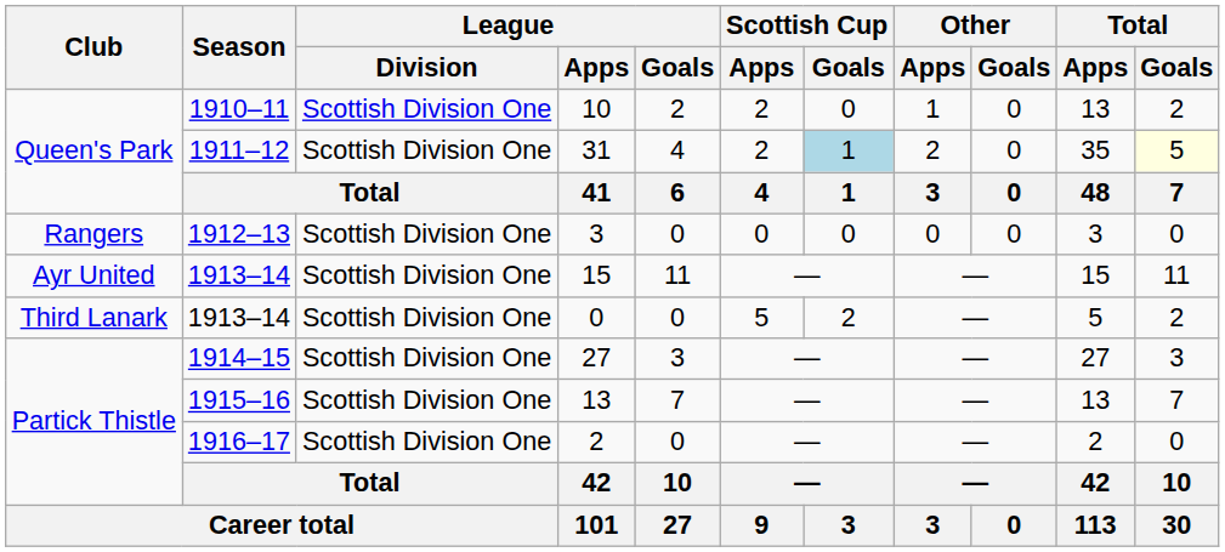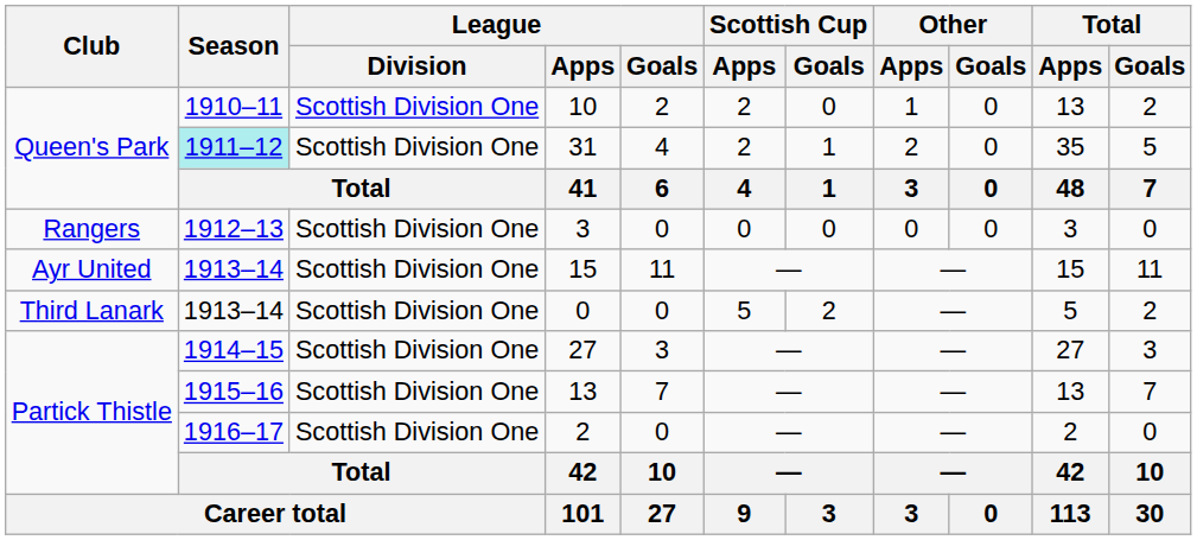 <table class="wikitable" style="text-align: center;">
 <tr>
 <th rowspan="2">Club</th>
 <th rowspan="2">Season</th>
 <th colspan="3">League</th>
 <th colspan="2">Scottish Cup</th>
 <th colspan="2">Other</th>
 <th colspan="2">Total</th>
 </tr>
 <tr>
 <th>Division</th>
 <th>Apps</th>
 <th>Goals</th>
 <th>Apps</th>
 <th>Goals</th>
 <th>Apps</th>
 <th>Goals</th>
 <th>Apps</th>
 <th>Goals</th>
 </tr>
 <tr>
 <td rowspan="3"><a href='#'>Queen's Park</a></td>
 <td><a href='#'>1910–11</a></td>
 <td><a href='#'>Scottish Division One</a></td>
 <td>10</td>
 <td>2</td>
 <td>2</td>
 <td>0</td>
 <td>1</td>
 <td>0</td>
 <td>13</td>
 <td>2</td>
 </tr>
 <tr>
-<td><a href='#'>1911–12</a></td>
+<td style="background: paleturquoise;"><a href='#'>1911–12</a></td>
 <td>Scottish Division One</td>
 <td>31</td>
 <td>4</td>
 <td>2</td>
-<td style="background: lightblue;">1</td>
+<td>1</td>
 <td>2</td>
 <td>0</td>
 <td>35</td>
-<td style="background: lightyellow;">5</td>
+<td>5</td>
 </tr>
 <tr>
 <th colspan="2">Total</th>
 <th>41</th>
 <th>6</th>
 <th>4</th>
 <th>1</th>
 <th>3</th>
 <th>0</th>
 <th>48</th>
 <th>7</th>
 </tr>
 <tr>
 <td><a href='#'>Rangers</a></td>
 <td><a href='#'>1912–13</a></td>
 <td>Scottish Division One</td>
 <td>3</td>
 <td>0</td>
 <td>0</td>
 <td>0</td>
 <td>0</td>
 <td>0</td>
 <td>3</td>
 <td>0</td>
 </tr>
 <tr>
 <td><a href='#'>Ayr United</a></td>
 <td><a href='#'>1913–14</a></td>
 <td>Scottish Division One</td>
 <td>15</td>
 <td>11</td>
 <td colspan="2">—</td>
 <td colspan="2">—</td>
 <td>15</td>
 <td>11</td>
 </tr>
 <tr>
 <td><a href='#'>Third Lanark</a></td>
 <td>1913–14</td>
 <td>Scottish Division One</td>
 <td>0</td>
 <td>0</td>
 <td>5</td>
 <td>2</td>
 <td colspan="2">—</td>
 <td>5</td>
 <td>2</td>
 </tr>
 <tr>
 <td rowspan="4"><a href='#'>Partick Thistle</a></td>
 <td><a href='#'>1914–15</a></td>
 <td>Scottish Division One</td>
 <td>27</td>
 <td>3</td>
 <td colspan="2">—</td>
 <td colspan="2">—</td>
 <td>27</td>
 <td>3</td>
 </tr>
 <tr>
 <td><a href='#'>1915–16</a></td>
 <td>Scottish Division One</td>
 <td>13</td>
 <td>7</td>
 <td colspan="2">—</td>
 <td colspan="2">—</td>
 <td>13</td>
 <td>7</td>
 </tr>
 <tr>
 <td><a href='#'>1916–17</a></td>
 <td>Scottish Division One</td>
 <td>2</td>
 <td>0</td>
 <td colspan="2">—</td>
 <td colspan="2">—</td>
 <td>2</td>
 <td>0</td>
 </tr>
 <tr>
 <th colspan="2">Total</th>
 <th>42</th>
 <th>10</th>
 <th colspan="2">—</th>
 <th colspan="2">—</th>
 <th>42</th>
 <th>10</th>
 </tr>
 <tr>
 <th colspan="3">Career total</th>
 <th>101</th>
 <th>27</th>
 <th>9</th>
 <th>3</th>
 <th>3</th>
 <th>0</th>
 <th>113</th>
 <th>30</th>
 </tr>
 </table>
